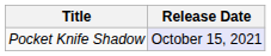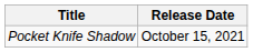 <table class="wikitable">
 <tr>
 <th>Title</th>
 <th>Release Date</th>
 </tr>
 <tr>
 <td><em>Pocket Knife Shadow</em></td>
-<td style="background: lavender;">October 15, 2021</td>
+<td>October 15, 2021</td>
 </tr>
 </table>
